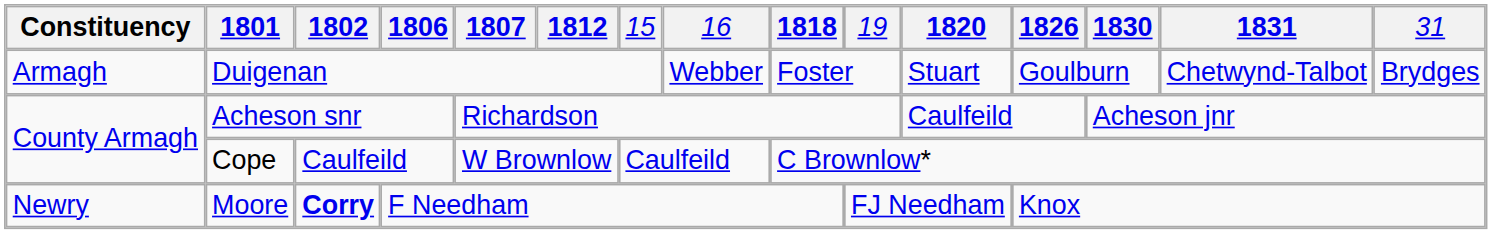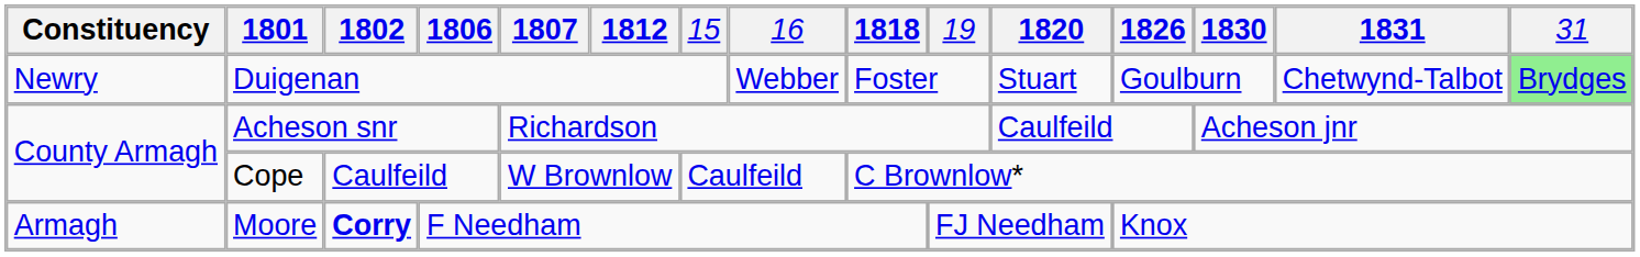 <table class="wikitable" style="border-collapse: separate; border-spacing: 0;">
 <tr>
 <th>Constituency</th>
 <th><a href='#'>1801</a></th>
 <th><a href='#'>1802</a></th>
 <th><a href='#'>1806</a></th>
 <th><a href='#'>1807</a></th>
 <th><a href='#'>1812</a></th>
 <th style="font-weight: normal;"><em><a href='#'>15</a></em></th>
 <th style="font-weight: normal;"><em><a href='#'>16</a></em></th>
 <th><a href='#'>1818</a></th>
 <th style="font-weight: normal;"><em><a href='#'>19</a></em></th>
 <th><a href='#'>1820</a></th>
 <th><a href='#'>1826</a></th>
 <th><a href='#'>1830</a></th>
 <th><a href='#'>1831</a></th>
 <th style="font-weight: normal;"><em><a href='#'>31</a></em></th>
 </tr>
 <tr>
-<td><a href='#'>Armagh</a></td>
+<td><a href='#'>Newry</a></td>
 <td colspan="6"><a href='#'>Duigenan</a></td>
 <td><a href='#'>Webber</a></td>
 <td colspan="2"><a href='#'>Foster</a></td>
 <td><a href='#'>Stuart</a></td>
 <td colspan="2"><a href='#'>Goulburn</a></td>
 <td><a href='#'>Chetwynd-Talbot</a></td>
-<td><a href='#'>Brydges</a></td>
+<td style="background: lightgreen;"><a href='#'>Brydges</a></td>
 </tr>
 <tr>
 <td rowspan="2"><a href='#'>County Armagh</a></td>
 <td colspan="3"><a href='#'>Acheson snr</a></td>
 <td colspan="6"><a href='#'>Richardson</a></td>
 <td colspan="2"><a href='#'>Caulfeild</a></td>
 <td colspan="3"><a href='#'>Acheson jnr</a></td>
 </tr>
 <tr>
 <td>Cope</td>
 <td colspan="2"><a href='#'>Caulfeild</a></td>
 <td colspan="2"><a href='#'>W Brownlow</a></td>
 <td colspan="2"><a href='#'>Caulfeild</a></td>
 <td colspan="7" style=""><a href='#'>C Brownlow</a>*</td>
 </tr>
 <tr>
-<td><a href='#'>Newry</a></td>
+<td><a href='#'>Armagh</a></td>
 <td><a href='#'>Moore</a></td>
 <td><strong><a href='#'>Corry</a></strong></td>
 <td colspan="6"><a href='#'>F Needham</a></td>
 <td colspan="2"><a href='#'>FJ Needham</a></td>
 <td colspan="4"><a href='#'>Knox</a></td>
 </tr>
 </table>
